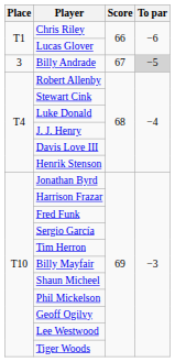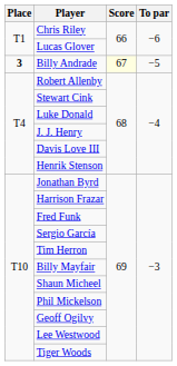 <table class="wikitable">
 <tr>
 <th>Place</th>
 <th>Player</th>
 <th>Score</th>
 <th>To par</th>
 </tr>
 <tr>
 <td rowspan="2" align=center>T1</td>
 <td> <a href='#'>Chris Riley</a></td>
 <td rowspan="2" align=center>66</td>
 <td rowspan="2" align=center>−6</td>
 </tr>
 <tr>
 <td> <a href='#'>Lucas Glover</a></td>
 </tr>
 <tr>
-<td align=center>3</td>
+<td align=center><strong>3</strong></td>
 <td> <a href='#'>Billy Andrade</a></td>
-<td align=center>67</td>
-<td align=center style="background: lightgrey;">−5</td>
+<td align=center style="background: lightyellow;">67</td>
+<td align=center>−5</td>
 </tr>
 <tr>
 <td rowspan="6" align=center>T4</td>
 <td> <a href='#'>Robert Allenby</a></td>
 <td rowspan="6" align=center>68</td>
 <td rowspan="6" align=center>−4</td>
 </tr>
 <tr>
 <td> <a href='#'>Stewart Cink</a></td>
 </tr>
 <tr>
 <td> <a href='#'>Luke Donald</a></td>
 </tr>
 <tr>
 <td> <a href='#'>J. J. Henry</a></td>
 </tr>
 <tr>
 <td> <a href='#'>Davis Love III</a></td>
 </tr>
 <tr>
 <td> <a href='#'>Henrik Stenson</a></td>
 </tr>
 <tr>
 <td rowspan="11" align=center>T10</td>
 <td> <a href='#'>Jonathan Byrd</a></td>
 <td rowspan="11" align=center>69</td>
 <td rowspan="11" align=center>−3</td>
 </tr>
 <tr>
 <td> <a href='#'>Harrison Frazar</a></td>
 </tr>
 <tr>
 <td> <a href='#'>Fred Funk</a></td>
 </tr>
 <tr>
 <td> <a href='#'>Sergio García</a></td>
 </tr>
 <tr>
 <td> <a href='#'>Tim Herron</a></td>
 </tr>
 <tr>
 <td> <a href='#'>Billy Mayfair</a></td>
 </tr>
 <tr>
 <td> <a href='#'>Shaun Micheel</a></td>
 </tr>
 <tr>
 <td> <a href='#'>Phil Mickelson</a></td>
 </tr>
 <tr>
 <td> <a href='#'>Geoff Ogilvy</a></td>
 </tr>
 <tr>
 <td> <a href='#'>Lee Westwood</a></td>
 </tr>
 <tr>
 <td> <a href='#'>Tiger Woods</a></td>
 </tr>
 </table>
